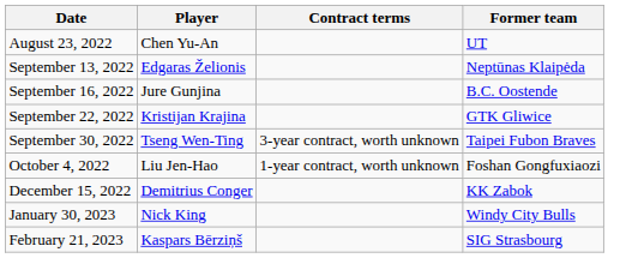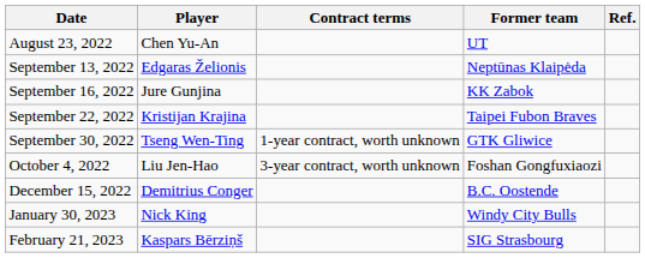 <table class="wikitable">
 <tr>
 <th>Date</th>
 <th>Player</th>
 <th>Contract terms</th>
 <th>Former team</th>
+<th>Ref.</th>
 </tr>
 <tr>
 <td>August 23, 2022</td>
 <td>Chen Yu-An</td>
 <td></td>
 <td> <a href='#'>UT</a></td>
+<td></td>
 </tr>
 <tr>
 <td>September 13, 2022</td>
 <td><a href='#'>Edgaras Želionis</a></td>
 <td></td>
 <td> <a href='#'>Neptūnas Klaipėda</a></td>
+<td></td>
 </tr>
 <tr>
 <td>September 16, 2022</td>
 <td>Jure Gunjina</td>
 <td></td>
-<td> <a href='#'>B.C. Oostende</a></td>
+<td> <a href='#'>KK Zabok</a></td>
+<td></td>
 </tr>
 <tr>
 <td>September 22, 2022</td>
 <td><a href='#'>Kristijan Krajina</a></td>
 <td></td>
-<td> <a href='#'>GTK Gliwice</a></td>
+<td> <a href='#'>Taipei Fubon Braves</a></td>
+<td></td>
 </tr>
 <tr>
 <td>September 30, 2022</td>
 <td><a href='#'>Tseng Wen-Ting</a></td>
-<td>3-year contract, worth unknown</td>
-<td> <a href='#'>Taipei Fubon Braves</a></td>
+<td>1-year contract, worth unknown</td>
+<td> <a href='#'>GTK Gliwice</a></td>
+<td></td>
 </tr>
 <tr>
 <td>October 4, 2022</td>
 <td>Liu Jen-Hao</td>
-<td>1-year contract, worth unknown</td>
+<td>3-year contract, worth unknown</td>
 <td> Foshan Gongfuxiaozi</td>
+<td></td>
 </tr>
 <tr>
 <td>December 15, 2022</td>
 <td><a href='#'>Demitrius Conger</a></td>
 <td></td>
-<td> <a href='#'>KK Zabok</a></td>
+<td> <a href='#'>B.C. Oostende</a></td>
+<td></td>
 </tr>
 <tr>
 <td>January 30, 2023</td>
 <td><a href='#'>Nick King</a></td>
 <td></td>
 <td> <a href='#'>Windy City Bulls</a></td>
+<td></td>
 </tr>
 <tr>
 <td>February 21, 2023</td>
 <td><a href='#'>Kaspars Bērziņš</a></td>
 <td></td>
 <td> <a href='#'>SIG Strasbourg</a></td>
+<td></td>
 </tr>
 </table>
